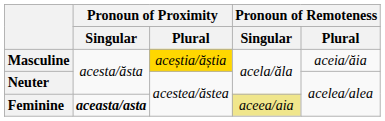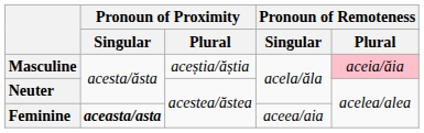 <table class="wikitable" style="text-align: center;">
 <tr>
 <th rowspan="2"></th>
 <th colspan="2">Pronoun of Proximity</th>
 <th colspan="2">Pronoun of Remoteness</th>
 </tr>
 <tr>
 <th>Singular</th>
 <th>Plural</th>
 <th>Singular</th>
 <th>Plural</th>
 </tr>
 <tr>
 <th style="text-align: left;">Masculine</th>
 <td rowspan="2"><em>acesta/ăsta</em></td>
-<td style="background: gold;"><em>aceștia/ăștia</em></td>
+<td><em>aceștia/ăștia</em></td>
 <td rowspan="2"><em>acela/ăla</em></td>
-<td><em>aceia/ăia</em></td>
+<td style="background: pink;"><em>aceia/ăia</em></td>
 </tr>
 <tr>
 <th style="text-align: left;">Neuter</th>
 <td rowspan="2"><em>acestea/ăstea</em></td>
 <td rowspan="2"><em>acelea/alea</em></td>
 </tr>
 <tr>
 <th style="text-align: left;">Feminine</th>
 <td><strong><em>aceasta/asta</em></strong></td>
-<td style="background: khaki;"><em>aceea/aia</em></td>
+<td><em>aceea/aia</em></td>
 </tr>
 </table>
